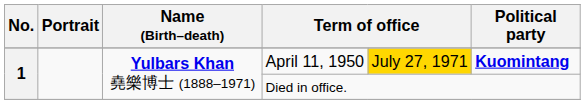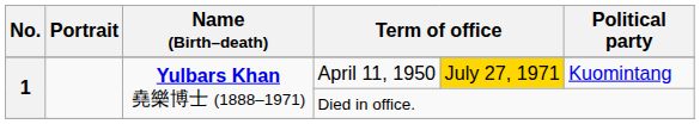 <table class="wikitable">
 <tr>
 <th>No.</th>
 <th>Portrait</th>
 <th width="150px">Name<br><small>(Birth–death)</small></th>
 <th colspan="2" width="200px">Term of office</th>
 <th width="100px">Political party</th>
 </tr>
 <tr>
 </tr>
 <tr>
 <th rowspan="2" style="background-color:">1</th>
 <td rowspan="2" align="center"></td>
 <td rowspan="2" align="center"><strong><a href='#'>Yulbars Khan</a></strong><br><span>堯樂博士</span> <small></small> <small>(1888–1971)</small></td>
 <td>April 11, 1950</td>
 <td style="background: gold;">July 27, 1971</td>
-<td><strong><a href='#'>Kuomintang</a></strong></td>
+<td><a href='#'>Kuomintang</a></td>
 </tr>
 <tr>
 <td colspan="4"><small>Died in office.</small></td>
 </tr>
 <tr>
 </tr>
 </table>
